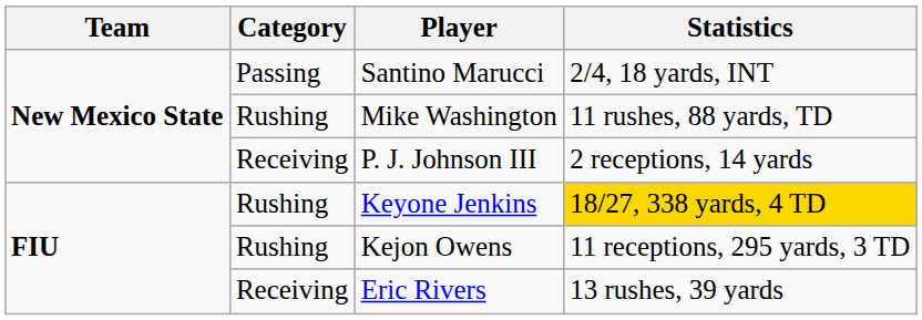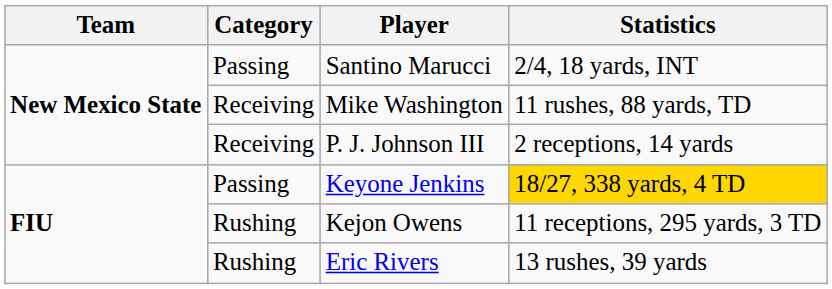 <table class="wikitable" style="float: right;">
 <tr>
 <th>Team</th>
 <th>Category</th>
 <th>Player</th>
 <th>Statistics</th>
 </tr>
 <tr>
 <td rowspan=3><strong>New Mexico State</strong></td>
 <td>Passing</td>
 <td>Santino Marucci</td>
 <td>2/4, 18 yards, INT</td>
 </tr>
 <tr>
-<td>Rushing</td>
+<td>Receiving</td>
 <td>Mike Washington</td>
 <td>11 rushes, 88 yards, TD</td>
 </tr>
 <tr>
 <td>Receiving</td>
 <td>P. J. Johnson III</td>
 <td>2 receptions, 14 yards</td>
 </tr>
 <tr>
 <td rowspan=3><strong>FIU</strong></td>
-<td>Rushing</td>
+<td>Passing</td>
 <td><a href='#'>Keyone Jenkins</a></td>
 <td style="background: gold;">18/27, 338 yards, 4 TD</td>
 </tr>
 <tr>
 <td>Rushing</td>
 <td>Kejon Owens</td>
 <td>11 receptions, 295 yards, 3 TD</td>
 </tr>
 <tr>
-<td>Receiving</td>
+<td>Rushing</td>
 <td><a href='#'>Eric Rivers</a></td>
 <td>13 rushes, 39 yards</td>
 </tr>
 </table>
